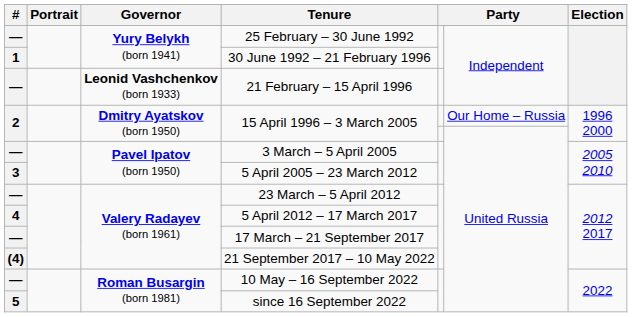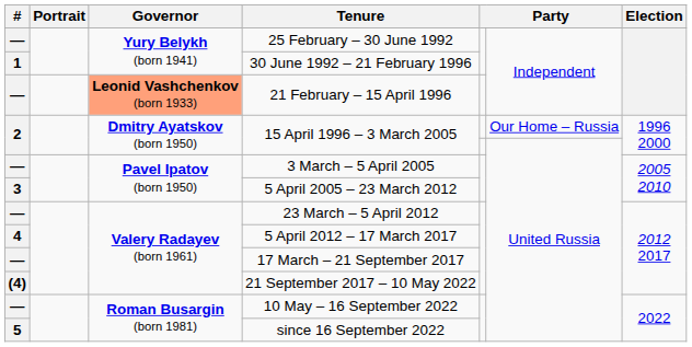 <table class="wikitable" style="text-align:center">
 <tr style="background:#cccccc" bgcolor=#E6E6AA>
 <th>#</th>
 <th>Portrait</th>
 <th>Governor</th>
 <th>Tenure</th>
 <th colspan="2">Party</th>
 <th>Election</th>
 </tr>
 <tr>
 <th>—</th>
 <td rowspan=2></td>
 <td rowspan=2><strong><a href='#'>Yury Belykh</a></strong><br><small>(born 1941)</small></td>
 <td>25 February – 30 June 1992</td>
 <td rowspan=2; style="background: "></td>
 <td rowspan="3"><a href='#'>Independent</a></td>
 <th rowspan=3></th>
 </tr>
 <tr>
 <th>1</th>
 <td>30 June 1992 – 21 February 1996</td>
 </tr>
 <tr>
 <th>—</th>
 <td></td>
-<td><strong>Leonid Vashchenkov</strong><br><small>(born 1933)</small></td>
+<td style="background: lightsalmon;"><strong>Leonid Vashchenkov</strong><br><small>(born 1933)</small></td>
 <td>21 February – 15 April 1996</td>
 <td style="background: "></td>
 </tr>
 <tr>
 <th rowspan=2>2</th>
 <td rowspan=2></td>
 <td rowspan=2><strong><a href='#'>Dmitry Ayatskov</a></strong><br><small>(born 1950)</small></td>
 <td rowspan=2>15 April 1996 – 3 March 2005</td>
 <td style="background: "></td>
 <td><a href='#'>Our Home – Russia</a></td>
 <td rowspan=2><a href='#'>1996</a><br><a href='#'>2000</a></td>
 </tr>
 <tr>
 <td style="background: "></td>
 <td rowspan="9"><a href='#'>United Russia</a></td>
 </tr>
 <tr>
 <th>—</th>
 <td rowspan=2></td>
 <td rowspan=2><strong><a href='#'>Pavel Ipatov</a></strong><br><small>(born 1950)</small></td>
 <td>3 March – 5 April 2005</td>
 <td rowspan=2; style="background: "></td>
 <td rowspan=2><em><a href='#'>2005</a></em><br><em><a href='#'>2010</a></em></td>
 </tr>
 <tr>
 <th>3</th>
 <td>5 April 2005 – 23 March 2012</td>
 </tr>
 <tr>
 <th>—</th>
 <td rowspan=4></td>
 <td rowspan=4><strong><a href='#'>Valery Radayev</a></strong><br><small>(born 1961)</small></td>
 <td>23 March – 5 April 2012</td>
 <td rowspan=4; style="background: "></td>
 <td rowspan=4><em><a href='#'>2012</a></em><br><a href='#'>2017</a></td>
 </tr>
 <tr>
 <th>4</th>
 <td>5 April 2012 – 17 March 2017</td>
 </tr>
 <tr>
 <th>—</th>
 <td>17 March – 21 September 2017</td>
 </tr>
 <tr>
 <th>(4)</th>
 <td>21 September 2017 – 10 May 2022</td>
 </tr>
 <tr>
 <th>—</th>
 <td rowspan=2></td>
 <td rowspan=2><strong><a href='#'>Roman Busargin</a></strong><br><small>(born 1981)</small></td>
 <td>10 May – 16 September 2022</td>
 <td rowspan=2; style="background: "></td>
 <td rowspan=2><a href='#'>2022</a></td>
 </tr>
 <tr>
 <th>5</th>
 <td>since 16 September 2022</td>
 </tr>
 </table>
